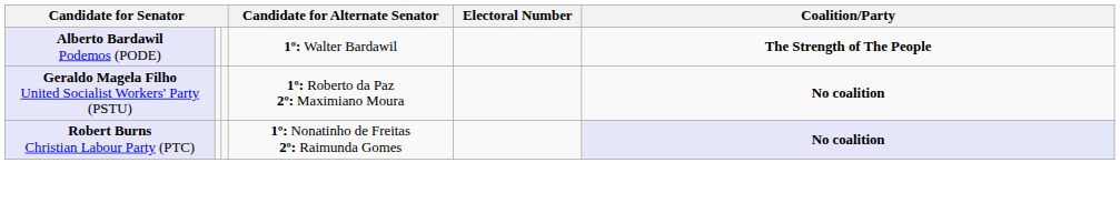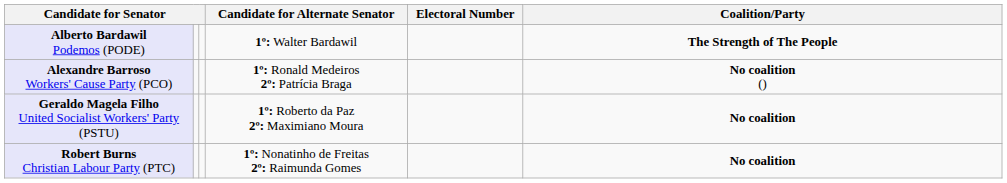 <table class="wikitable" style="text-align:center;">
 <tr>
 <th colspan="3" style="width:20%;">Candidate for Senator</th>
 <th>Candidate for Alternate Senator</th>
 <th>Electoral Number</th>
 <th style="width:48%;">Coalition/Party</th>
 </tr>
 <tr>
 <td style="background:lavender;"><strong>Alberto Bardawil</strong><br><a href='#'>Podemos</a> (PODE)</td>
 <td></td>
 <td style="background-color:"></td>
 <td><strong>1º:</strong> Walter Bardawil </td>
 <td></td>
 <td><strong>The Strength of The People</strong><br></td>
 </tr>
 <tr>
+<td style="background:lavender;"><strong>Alexandre Barroso</strong><br><a href='#'>Workers' Cause Party</a> (PCO)</td>
+<td></td>
+<td style="background-color:"></td>
+<td><strong>1º:</strong> Ronald Medeiros <br><strong>2º:</strong>  Patrícia Braga </td>
+<td></td>
+<td><strong>No coalition</strong><br>()</td>
+</tr>
+<tr>
 <td style="background:lavender;"><strong>Geraldo Magela Filho</strong><br><a href='#'>United Socialist Workers' Party</a> (PSTU)</td>
 <td></td>
 <td style="background-color:"></td>
 <td><strong>1º:</strong> Roberto da Paz <br><strong>2º:</strong> Maximiano Moura </td>
 <td></td>
 <td><strong>No coalition</strong><br></td>
 </tr>
 <tr>
 <td style="background:lavender;"><strong>Robert Burns</strong><br><a href='#'>Christian Labour Party</a> (PTC)</td>
 <td></td>
 <td style="background-color:"></td>
 <td><strong>1º:</strong> Nonatinho de Freitas <br><strong>2º:</strong> Raimunda Gomes </td>
 <td></td>
-<td style="background: lavender;"><strong>No coalition</strong><br></td>
+<td><strong>No coalition</strong><br></td>
 </tr>
 </table>
